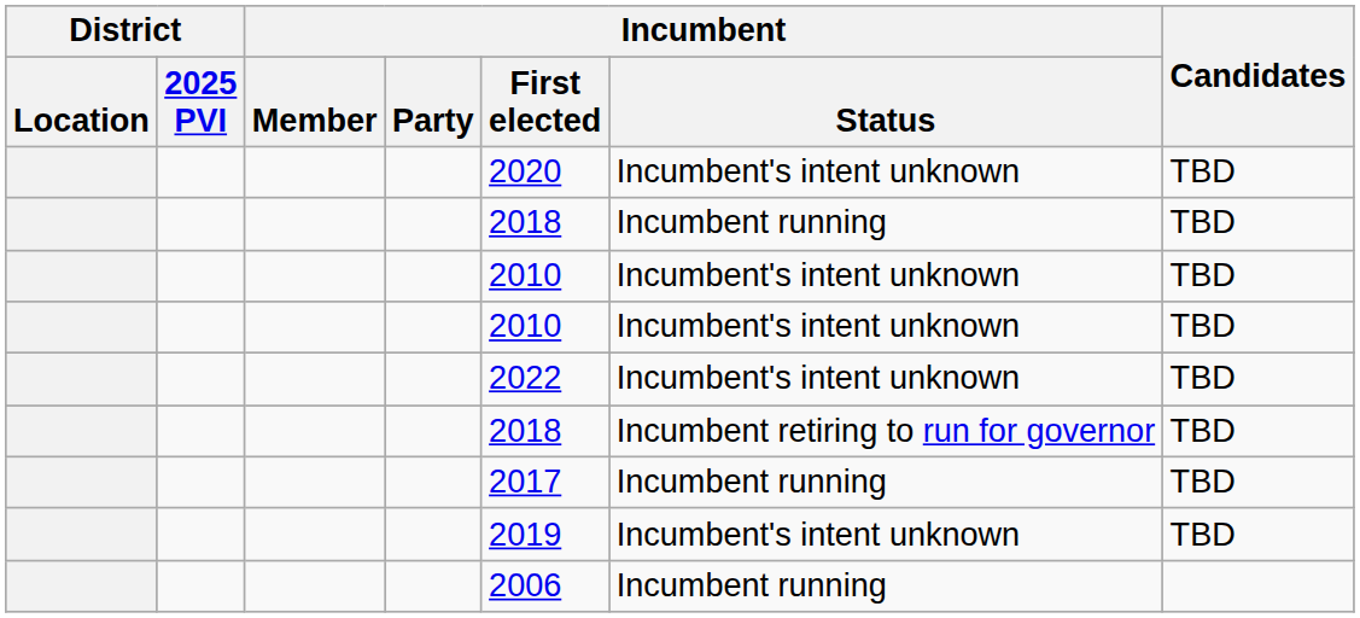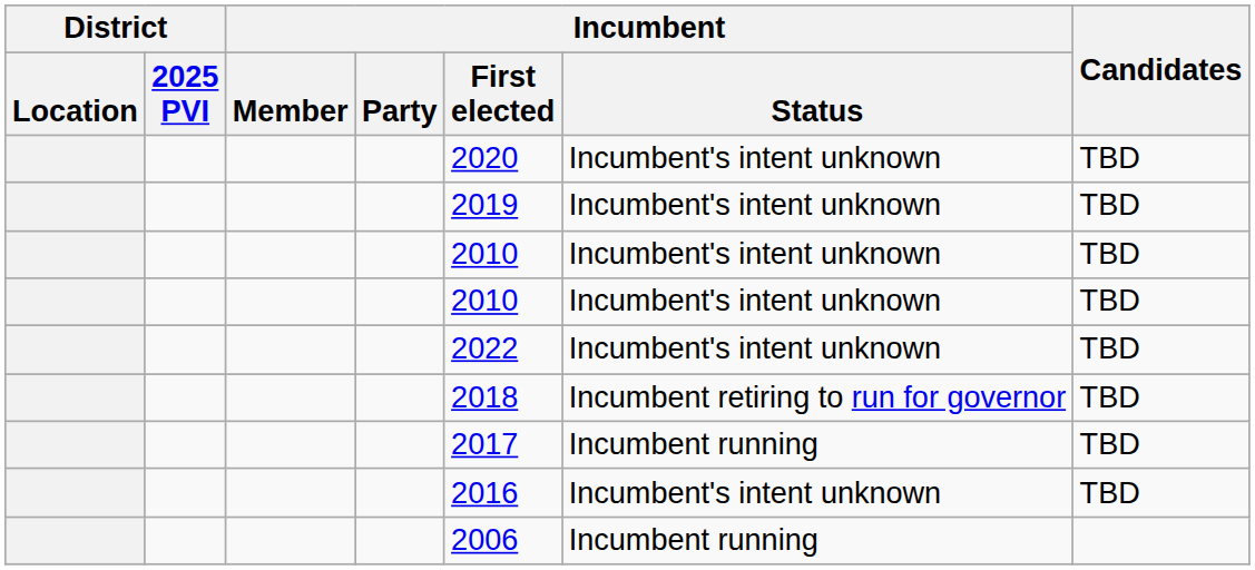 <table class="wikitable sortable">
 <tr>
 <th colspan=2>District</th>
 <th colspan=4>Incumbent</th>
 <th rowspan=2 class="unsortable">Candidates</th>
 </tr>
 <tr valign=bottom>
 <th>Location</th>
 <th><a href='#'>2025<br>PVI</a></th>
 <th>Member</th>
 <th>Party</th>
 <th>First<br>elected</th>
 <th>Status</th>
 </tr>
 <tr>
 <th></th>
 <td></td>
 <td></td>
 <td></td>
 <td><a href='#'>2020</a></td>
 <td>Incumbent's intent unknown</td>
 <td>TBD</td>
 </tr>
 <tr>
 <th></th>
 <td></td>
 <td></td>
 <td></td>
-<td><a href='#'>2018</a></td>
-<td>Incumbent running</td>
+<td><a href='#'>2019</a></td>
+<td>Incumbent's intent unknown</td>
 <td>TBD</td>
 </tr>
 <tr>
 <th></th>
 <td></td>
 <td></td>
 <td></td>
 <td><a href='#'>2010</a></td>
 <td>Incumbent's intent unknown</td>
 <td>TBD</td>
 </tr>
 <tr>
 <th></th>
 <td></td>
 <td></td>
 <td></td>
 <td><a href='#'>2010</a></td>
 <td>Incumbent's intent unknown</td>
 <td>TBD</td>
 </tr>
 <tr>
 <th></th>
 <td></td>
 <td></td>
 <td></td>
 <td><a href='#'>2022</a></td>
 <td>Incumbent's intent unknown</td>
 <td>TBD</td>
 </tr>
 <tr>
 <th></th>
 <td></td>
 <td></td>
 <td></td>
 <td><a href='#'>2018</a></td>
 <td>Incumbent retiring to <a href='#'>run for governor</a></td>
 <td>TBD</td>
 </tr>
 <tr>
 <th></th>
 <td></td>
 <td></td>
 <td></td>
 <td><a href='#'>2017</a></td>
 <td>Incumbent running</td>
 <td>TBD</td>
 </tr>
 <tr>
 <th></th>
 <td></td>
 <td></td>
 <td></td>
-<td><a href='#'>2019</a></td>
+<td><a href='#'>2016</a></td>
 <td>Incumbent's intent unknown</td>
 <td>TBD</td>
 </tr>
 <tr>
 <th></th>
 <td></td>
 <td></td>
 <td></td>
 <td><a href='#'>2006</a></td>
 <td>Incumbent running</td>
 <td></td>
 </tr>
 </table>
